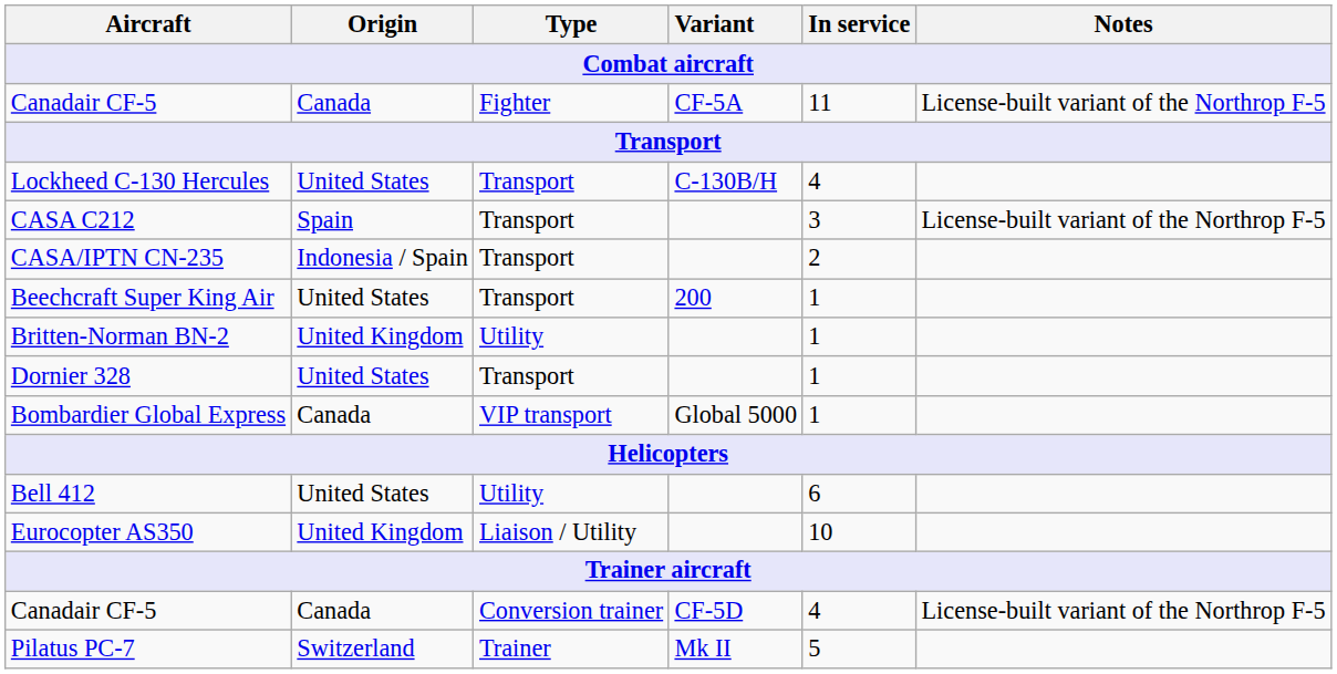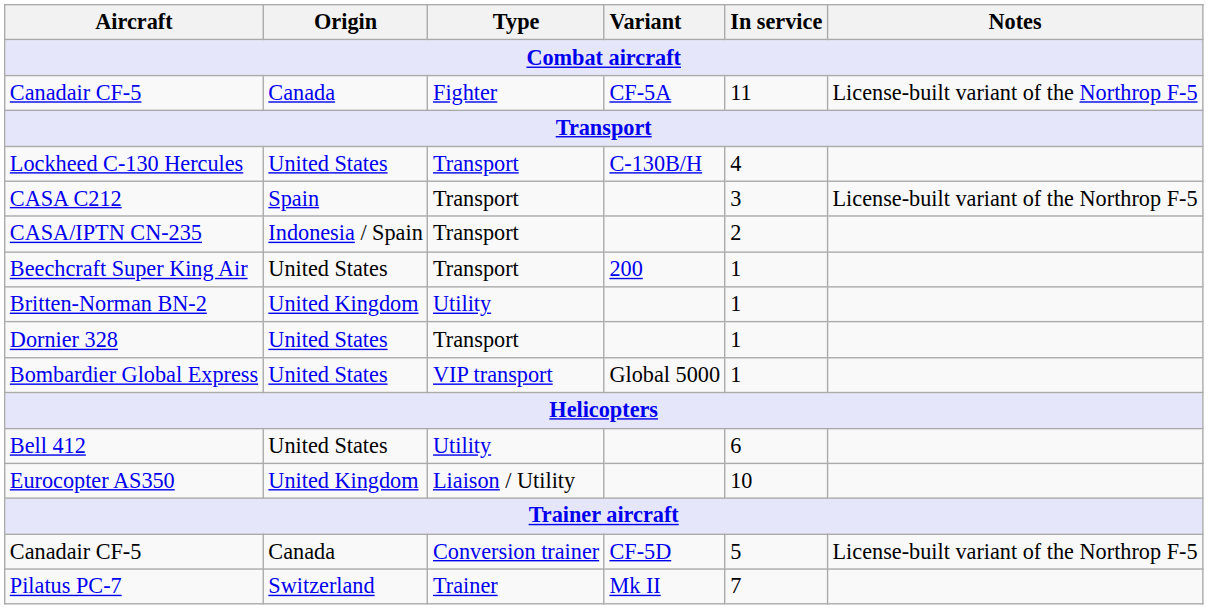 <table class="wikitable">
 <tr>
 <th style="text-align:center; ">Aircraft</th>
 <th style="text-align: center; ">Origin</th>
 <th style="text-align:l center; ">Type</th>
 <th style="text-align:left; ">Variant</th>
 <th style="text-align:center; ">In service</th>
 <th style="text-align: center; ">Notes</th>
 </tr>
 <tr>
 <th style="align: center; background: lavender;" colspan="7"><a href='#'>Combat aircraft</a></th>
 </tr>
 <tr>
 <td><a href='#'>Canadair CF-5</a></td>
 <td><a href='#'>Canada</a></td>
 <td><a href='#'>Fighter</a></td>
 <td><a href='#'>CF-5A</a></td>
 <td>11</td>
 <td>License-built variant of the <a href='#'>Northrop F-5</a></td>
 </tr>
 <tr>
 <th style="align: center; background: lavender;" colspan="7"><a href='#'>Transport</a></th>
 </tr>
 <tr>
 <td><a href='#'>Lockheed C-130 Hercules</a></td>
 <td><a href='#'>United States</a></td>
 <td><a href='#'>Transport</a></td>
 <td><a href='#'>C-130B/H</a></td>
 <td>4</td>
 <td></td>
 </tr>
 <tr>
 <td><a href='#'>CASA C212</a></td>
 <td><a href='#'>Spain</a></td>
 <td>Transport</td>
 <td></td>
 <td>3</td>
 <td>License-built variant of the Northrop F-5</td>
 </tr>
 <tr>
 <td><a href='#'>CASA/IPTN CN-235</a></td>
 <td><a href='#'>Indonesia</a> / Spain</td>
 <td>Transport</td>
 <td></td>
 <td>2</td>
 <td></td>
 </tr>
 <tr>
 <td><a href='#'>Beechcraft Super King Air</a></td>
 <td>United States</td>
 <td>Transport</td>
 <td><a href='#'>200</a></td>
 <td>1</td>
 <td></td>
 </tr>
 <tr>
 <td><a href='#'>Britten-Norman BN-2</a></td>
 <td><a href='#'>United Kingdom</a></td>
 <td><a href='#'>Utility</a></td>
 <td></td>
 <td>1</td>
 <td></td>
 </tr>
 <tr>
 <td><a href='#'>Dornier 328</a></td>
 <td><a href='#'>United States</a></td>
 <td>Transport</td>
 <td></td>
 <td>1</td>
 <td></td>
 </tr>
 <tr>
 <td><a href='#'>Bombardier Global Express</a></td>
-<td>Canada</td>
+<td><a href='#'>United States</a></td>
 <td><a href='#'>VIP transport</a></td>
 <td>Global 5000</td>
 <td>1</td>
 <td></td>
 </tr>
 <tr>
 <th style="align: center; background: lavender;" colspan="7"><a href='#'>Helicopters</a></th>
 </tr>
 <tr>
 <td><a href='#'>Bell 412</a></td>
 <td>United States</td>
 <td><a href='#'>Utility</a></td>
 <td></td>
 <td>6</td>
 <td></td>
 </tr>
 <tr>
 <td><a href='#'>Eurocopter AS350</a></td>
 <td><a href='#'>United Kingdom</a></td>
 <td><a href='#'>Liaison</a> / Utility</td>
 <td></td>
 <td>10</td>
 <td></td>
 </tr>
 <tr>
 <th style="align: center; background: lavender;" colspan="7"><a href='#'>Trainer aircraft</a></th>
 </tr>
 <tr>
 <td>Canadair CF-5</td>
 <td>Canada</td>
 <td><a href='#'>Conversion trainer</a></td>
 <td><a href='#'>CF-5D</a></td>
-<td>4</td>
+<td>5</td>
 <td>License-built variant of the Northrop F-5</td>
 </tr>
 <tr>
 <td><a href='#'>Pilatus PC-7</a></td>
 <td><a href='#'>Switzerland</a></td>
 <td><a href='#'>Trainer</a></td>
 <td><a href='#'>Mk II</a></td>
-<td>5</td>
+<td>7</td>
 <td></td>
 </tr>
 </table>
